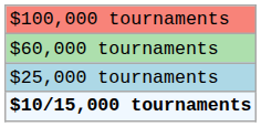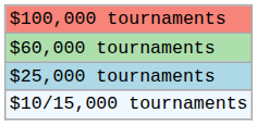 <table class="wikitable" style="font-size:85%">
 <tr style="background:#f88379;">
 <td>$100,000 tournaments</td>
 </tr>
 <tr style="background:#addfad;">
 <td>$60,000 tournaments</td>
 </tr>
 <tr style="background:lightblue;">
 <td>$25,000 tournaments</td>
 </tr>
 <tr style="background:#f0f8ff;">
-<td><strong>$10/15,000 tournaments</strong></td>
+<td>$10/15,000 tournaments</td>
 </tr>
 </table>
